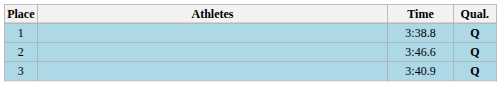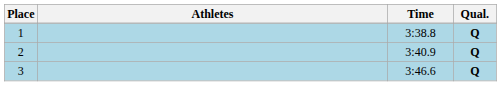 <table class=wikitable style="text-align:center">
 <tr>
 <th width=20>Place</th>
 <th width=460>Athletes</th>
 <th width=80>Time</th>
 <th width=50>Qual.</th>
 </tr>
 <tr>
 </tr>
 <tr bgcolor=lightblue>
 <td>1</td>
 <td align=left></td>
 <td>3:38.8</td>
 <td><strong>Q</strong></td>
 </tr>
 <tr bgcolor=lightblue>
 <td>2</td>
 <td align=left></td>
-<td>3:46.6</td>
+<td>3:40.9</td>
 <td><strong>Q</strong></td>
 </tr>
 <tr bgcolor=lightblue>
 <td>3</td>
 <td align=left></td>
-<td>3:40.9</td>
+<td>3:46.6</td>
 <td><strong>Q</strong></td>
 </tr>
 </table>
